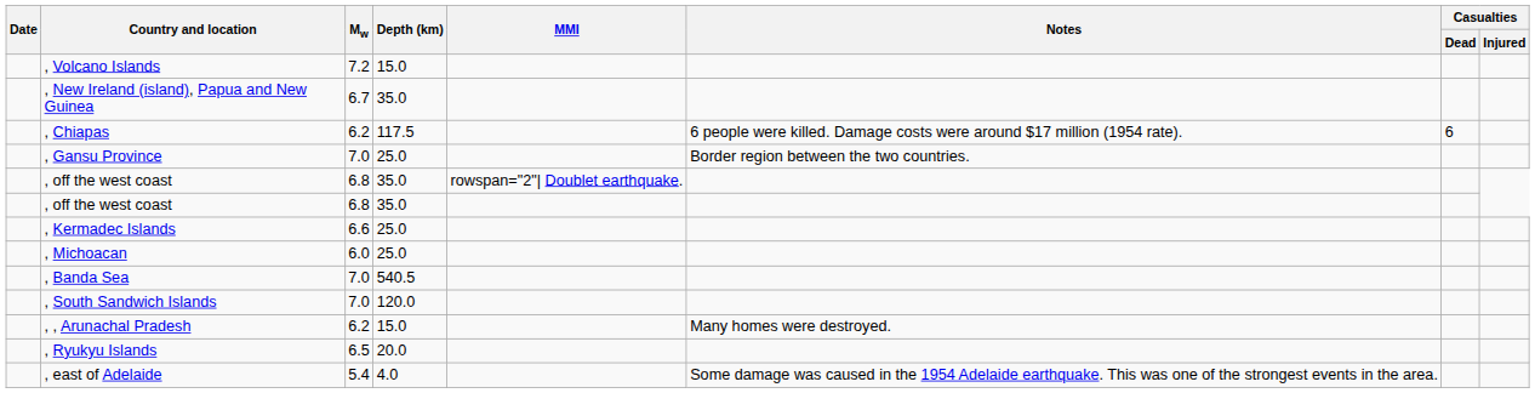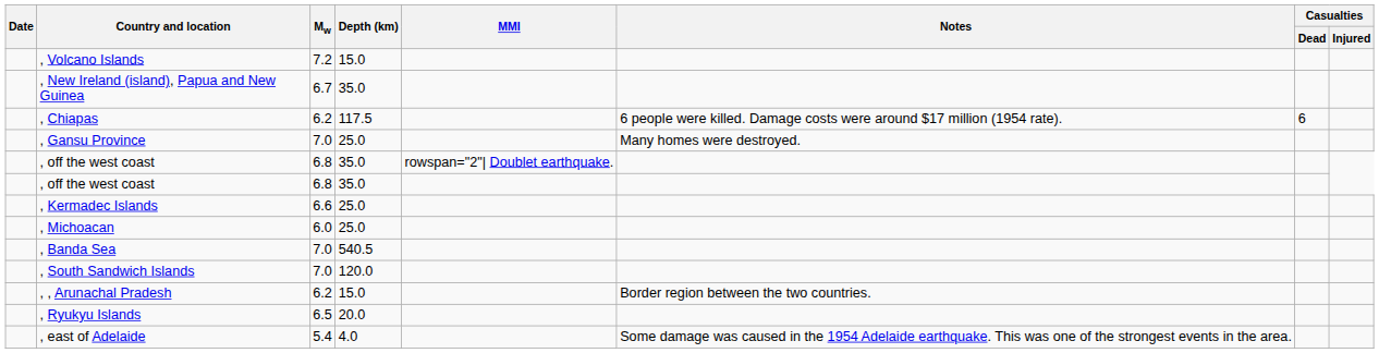 <table class="wikitable sortable sort-under" style="border:1px black; margin-left:1em;">
 <tr>
 <th rowspan="2"><small>Date</small></th>
 <th rowspan="2" style="width: 310px"><small>Country and location</small></th>
 <th rowspan="2"><small>M<sub>w</sub></small></th>
 <th rowspan="2"><small>Depth (km)</small></th>
 <th rowspan="2"><small><a href='#'>MMI</a></small></th>
 <th rowspan="2" class="unsortable"><small>Notes</small></th>
 <th colspan="2"><small>Casualties</small></th>
 </tr>
 <tr>
 <th><small>Dead</small></th>
 <th><small>Injured</small></th>
 </tr>
 <tr>
 <td></td>
 <td>, <a href='#'>Volcano Islands</a></td>
 <td>7.2</td>
 <td>15.0</td>
 <td></td>
 <td></td>
 <td></td>
 <td></td>
 </tr>
 <tr>
 <td></td>
 <td>, <a href='#'>New Ireland (island)</a>, <a href='#'>Papua and New Guinea</a></td>
 <td>6.7</td>
 <td>35.0</td>
 <td></td>
 <td></td>
 <td></td>
 <td></td>
 </tr>
 <tr>
 <td></td>
 <td>, <a href='#'>Chiapas</a></td>
 <td>6.2</td>
 <td>117.5</td>
 <td></td>
 <td>6 people were killed. Damage costs were around $17 million (1954 rate).</td>
 <td>6</td>
 <td></td>
 </tr>
 <tr>
 <td></td>
 <td>, <a href='#'>Gansu Province</a></td>
 <td>7.0</td>
 <td>25.0</td>
 <td></td>
-<td>Border region between the two countries.</td>
+<td>Many homes were destroyed.</td>
 <td></td>
 <td></td>
 </tr>
 <tr>
 <td></td>
 <td>, off the west coast</td>
 <td>6.8</td>
 <td>35.0</td>
 <td>rowspan="2"| <a href='#'>Doublet earthquake</a>.</td>
 <td></td>
 <td></td>
 </tr>
 <tr>
 <td></td>
 <td>, off the west coast</td>
 <td>6.8</td>
 <td>35.0</td>
 <td></td>
 <td></td>
 <td></td>
 </tr>
 <tr>
 <td></td>
 <td>, <a href='#'>Kermadec Islands</a></td>
 <td>6.6</td>
 <td>25.0</td>
 <td></td>
 <td></td>
 <td></td>
 <td></td>
 </tr>
 <tr>
 <td></td>
 <td>, <a href='#'>Michoacan</a></td>
 <td>6.0</td>
 <td>25.0</td>
 <td></td>
 <td></td>
 <td></td>
 <td></td>
 </tr>
 <tr>
 <td></td>
 <td>, <a href='#'>Banda Sea</a></td>
 <td>7.0</td>
 <td>540.5</td>
 <td></td>
 <td></td>
 <td></td>
 <td></td>
 </tr>
 <tr>
 <td></td>
 <td>, <a href='#'>South Sandwich Islands</a></td>
 <td>7.0</td>
 <td>120.0</td>
 <td></td>
 <td></td>
 <td></td>
 <td></td>
 </tr>
 <tr>
 <td></td>
 <td>, , <a href='#'>Arunachal Pradesh</a></td>
 <td>6.2</td>
 <td>15.0</td>
 <td></td>
-<td>Many homes were destroyed.</td>
+<td>Border region between the two countries.</td>
 <td></td>
 <td></td>
 </tr>
 <tr>
 <td></td>
 <td>, <a href='#'>Ryukyu Islands</a></td>
 <td>6.5</td>
 <td>20.0</td>
 <td></td>
 <td></td>
 <td></td>
 <td></td>
 </tr>
 <tr>
 <td></td>
 <td>, east of <a href='#'>Adelaide</a></td>
 <td>5.4</td>
 <td>4.0</td>
 <td></td>
 <td>Some damage was caused in the <a href='#'>1954 Adelaide earthquake</a>. This was one of the strongest events in the area.</td>
 <td></td>
 <td></td>
 </tr>
 </table>
